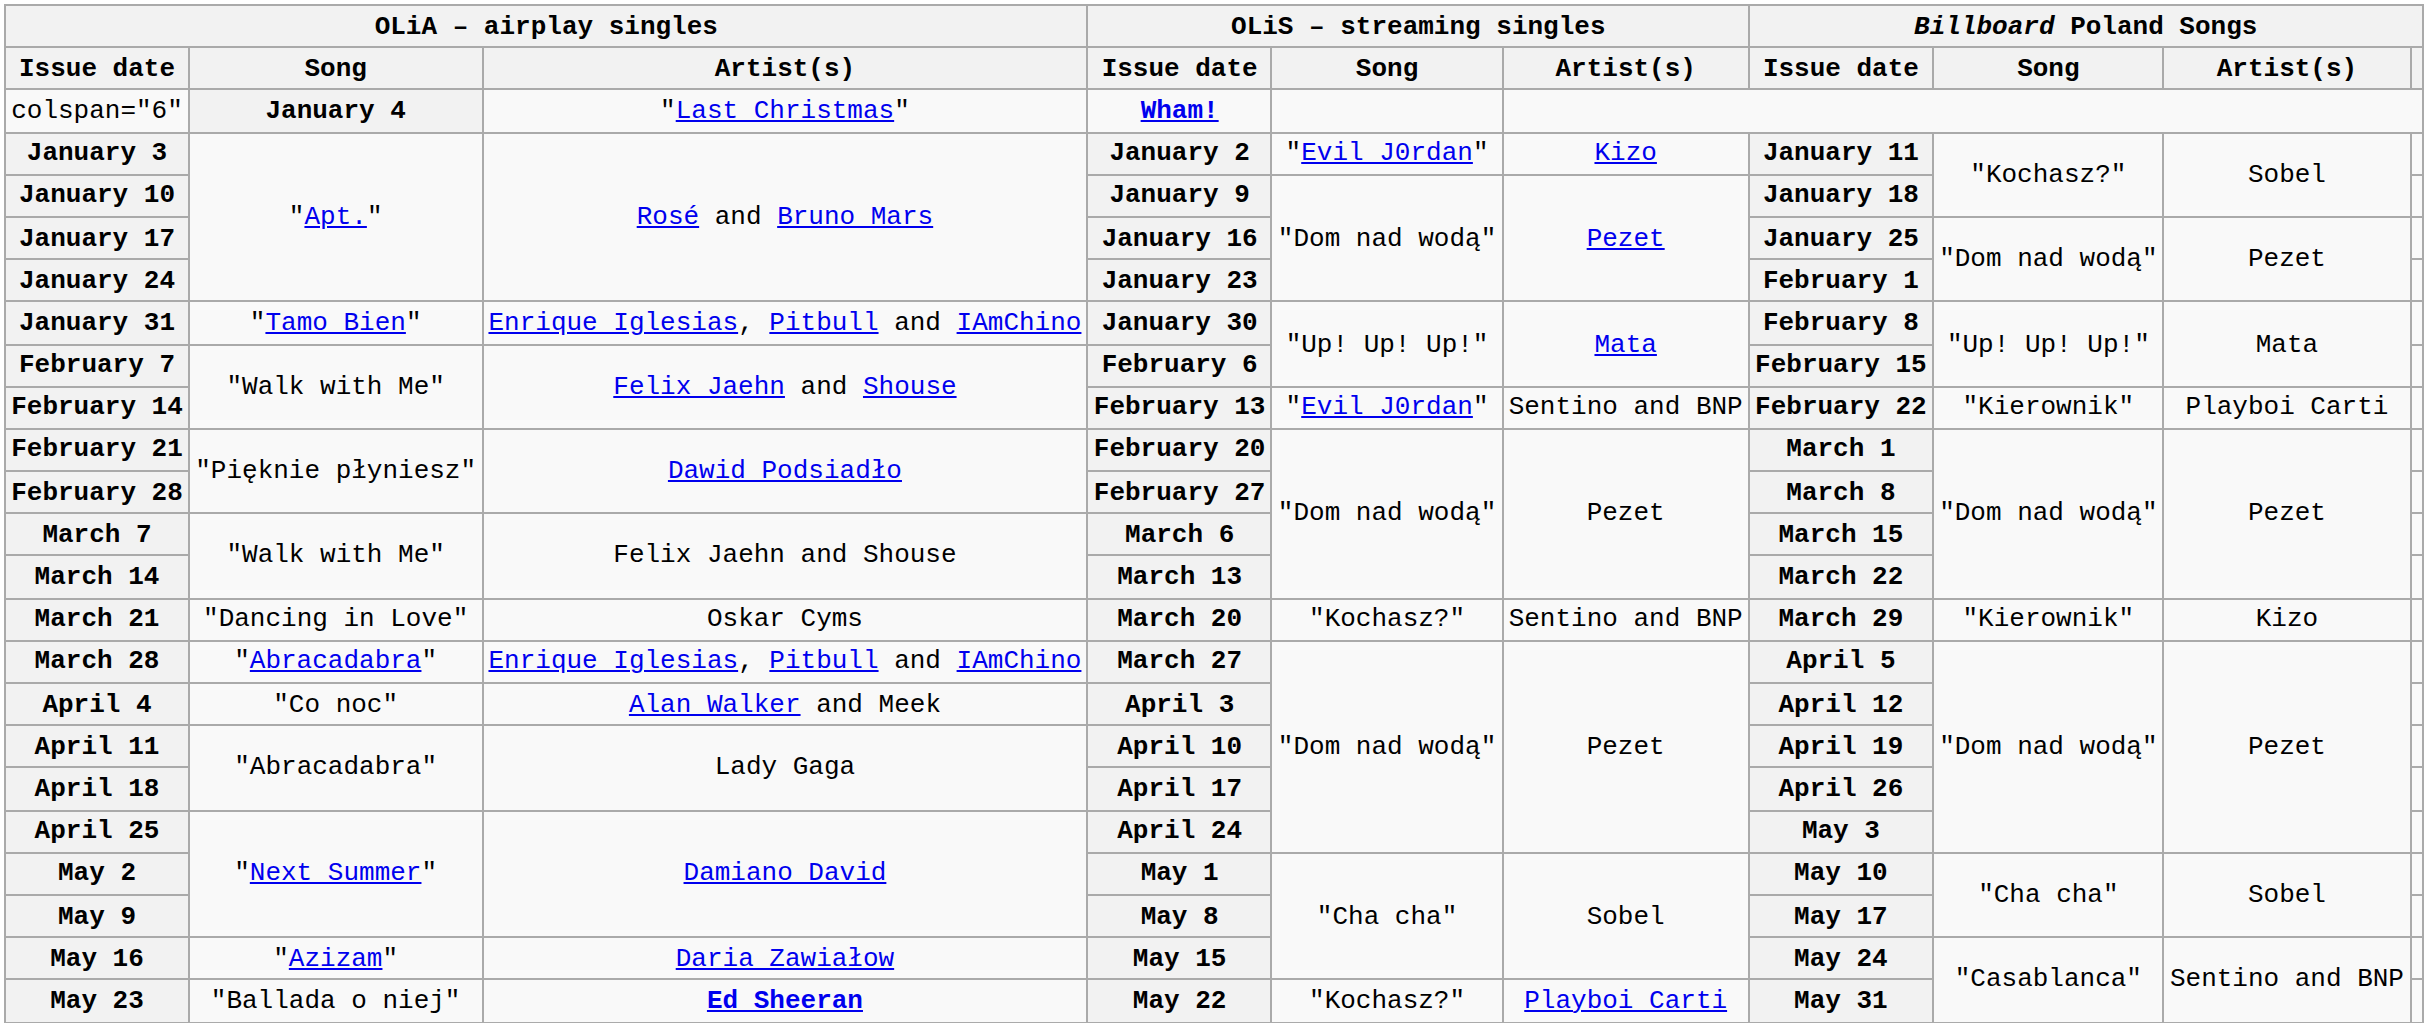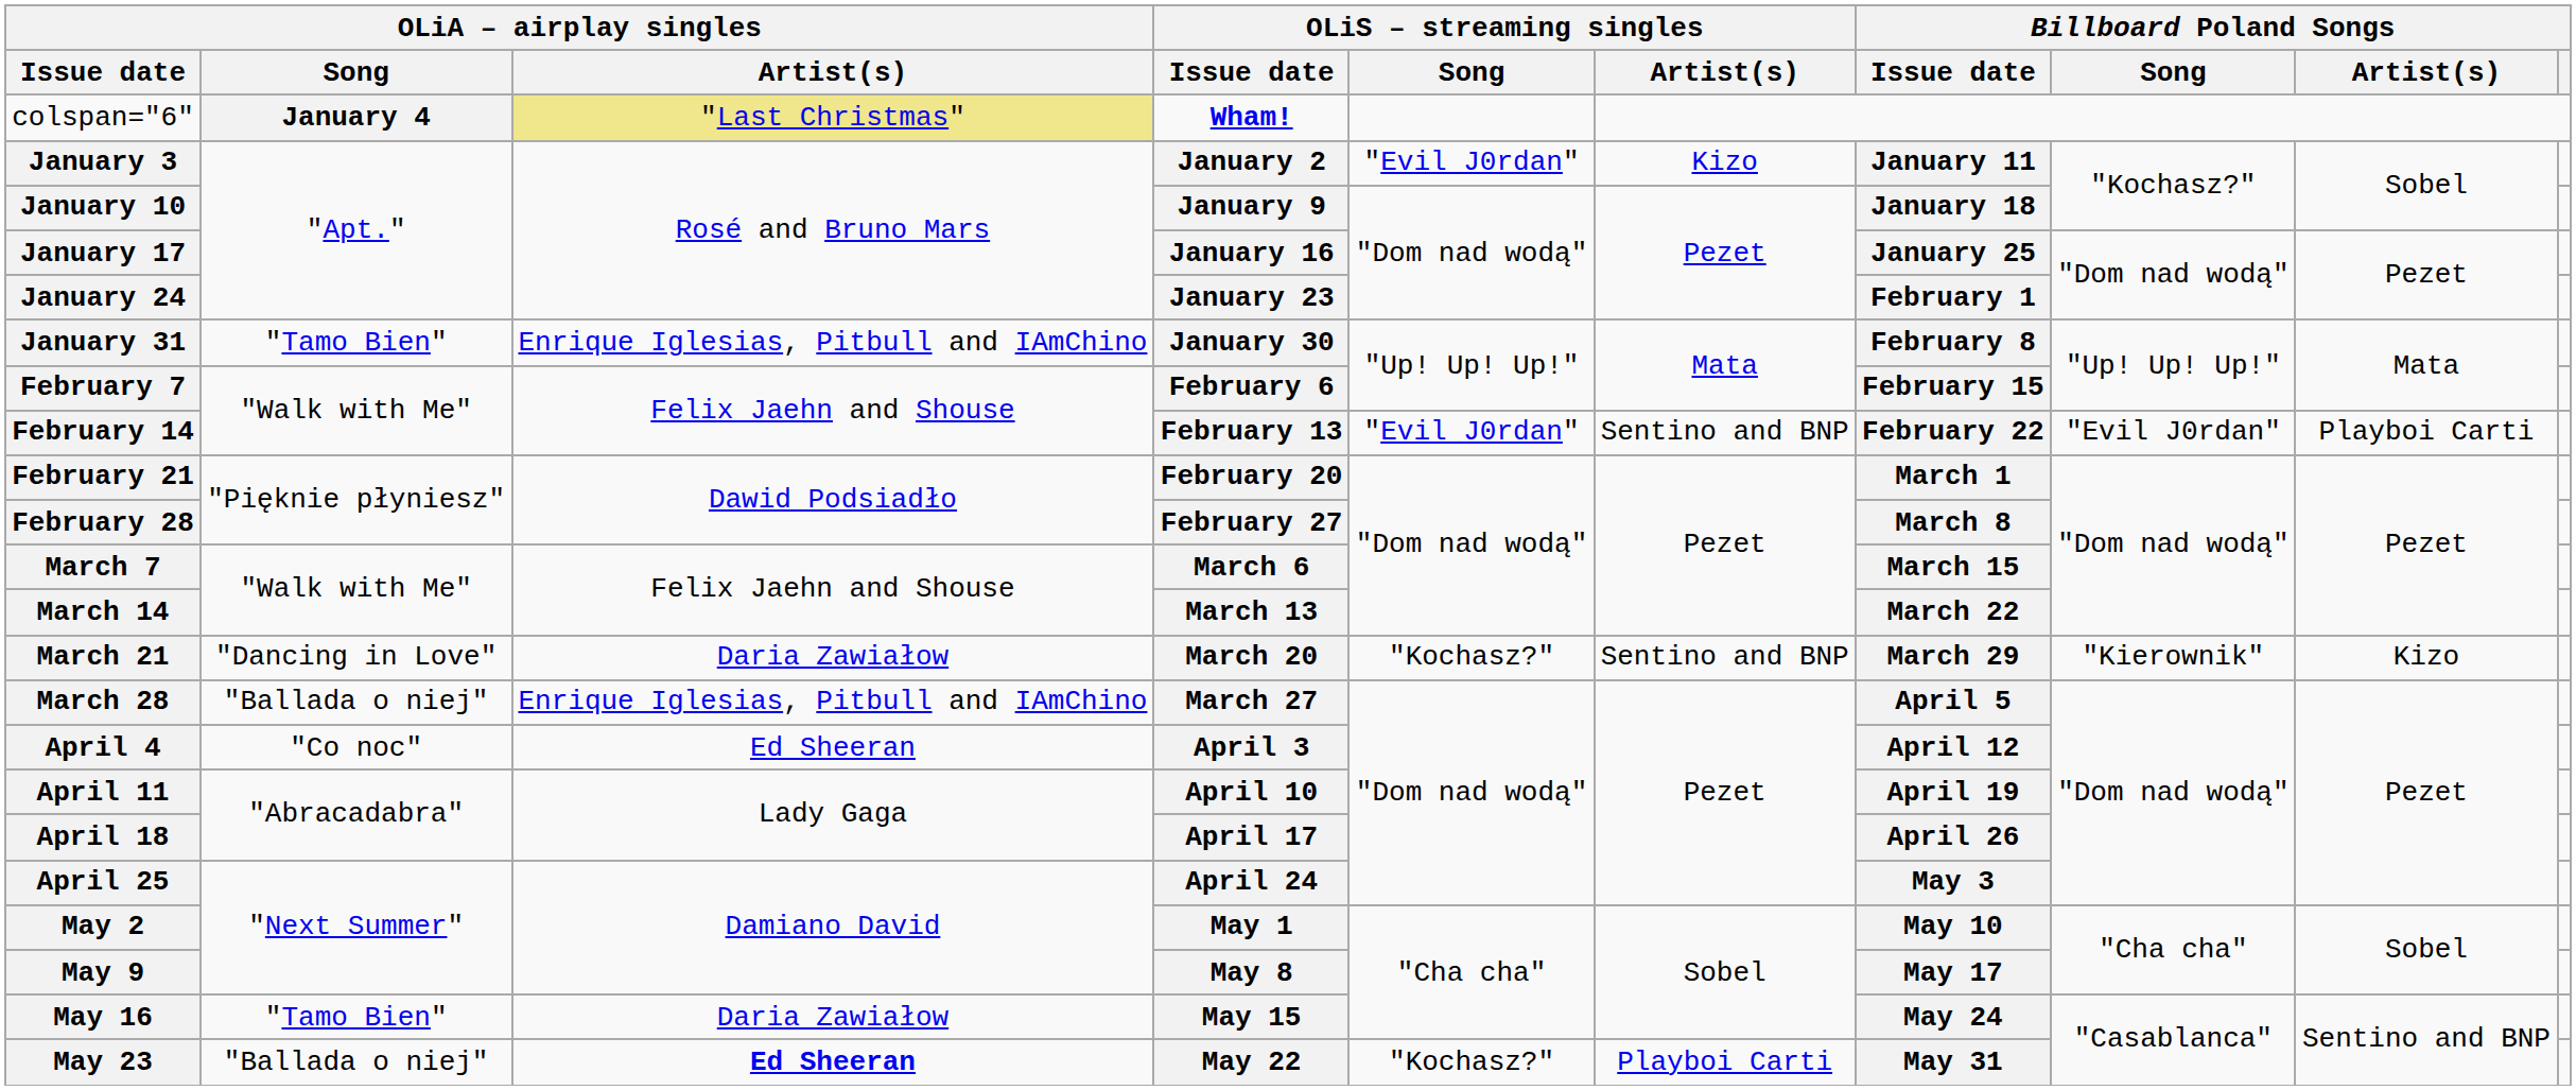 <table class="wikitable plainrowheaders" style="text-align: center">
 <tr>
 <th colspan="3">OLiA – airplay singles</th>
 <th colspan="3">OLiS – streaming singles</th>
 <th colspan="4"><em>Billboard</em> Poland Songs</th>
 </tr>
 <tr>
 <th>Issue date</th>
 <th>Song</th>
 <th>Artist(s)</th>
 <th>Issue date</th>
 <th>Song</th>
 <th>Artist(s)</th>
 <th>Issue date</th>
 <th>Song</th>
 <th>Artist(s)</th>
 <th></th>
 </tr>
 <tr>
 <td>colspan="6" </td>
 <th scope="row">January 4</th>
-<td>"<a href='#'>Last Christmas</a>"</td>
+<td style="background: khaki;">"<a href='#'>Last Christmas</a>"</td>
 <td><strong><a href='#'>Wham!</a></strong></td>
 <td></td>
 </tr>
 <tr>
 <th scope="row">January 3</th>
 <td rowspan="4">"<a href='#'>Apt.</a>"</td>
 <td rowspan="4"><a href='#'>Rosé</a> and <a href='#'>Bruno Mars</a></td>
 <th scope="row">January 2</th>
 <td>"<a href='#'>Evil J0rdan</a>"</td>
 <td><a href='#'>Kizo</a></td>
 <th scope="row">January 11</th>
 <td rowspan="2">"Kochasz?"</td>
 <td rowspan="2">Sobel</td>
 <td></td>
 </tr>
 <tr>
 <th scope="row">January 10</th>
 <th scope="row">January 9</th>
 <td rowspan="3">"Dom nad wodą"</td>
 <td rowspan="3"><a href='#'>Pezet</a></td>
 <th scope="row">January 18</th>
 <td></td>
 </tr>
 <tr>
 <th scope="row">January 17</th>
 <th scope="row">January 16</th>
 <th scope="row">January 25</th>
 <td rowspan="2">"Dom nad wodą"</td>
 <td rowspan="2">Pezet</td>
 <td></td>
 </tr>
 <tr>
 <th scope="row">January 24</th>
 <th scope="row">January 23</th>
 <th scope="row">February 1</th>
 <td></td>
 </tr>
 <tr>
 <th scope="row">January 31</th>
 <td>"<a href='#'>Tamo Bien</a>"</td>
 <td><a href='#'>Enrique Iglesias</a>, <a href='#'>Pitbull</a> and <a href='#'>IAmChino</a></td>
 <th scope="row">January 30</th>
 <td rowspan="2">"Up! Up! Up!"</td>
 <td rowspan="2"><a href='#'>Mata</a></td>
 <th scope="row">February 8</th>
 <td rowspan="2">"Up! Up! Up!"</td>
 <td rowspan="2">Mata</td>
 <td></td>
 </tr>
 <tr>
 <th scope="row">February 7</th>
 <td rowspan="2">"Walk with Me"</td>
 <td rowspan="2"><a href='#'>Felix Jaehn</a> and <a href='#'>Shouse</a></td>
 <th scope="row">February 6</th>
 <th scope="row">February 15</th>
 <td></td>
 </tr>
 <tr>
 <th scope="row">February 14</th>
 <th scope="row">February 13</th>
 <td>"<a href='#'>Evil J0rdan</a>"</td>
 <td>Sentino and BNP</td>
 <th scope="row">February 22</th>
-<td>"Kierownik"</td>
+<td>"Evil J0rdan"</td>
 <td>Playboi Carti</td>
 <td></td>
 </tr>
 <tr>
 <th scope="row">February 21</th>
 <td rowspan="2">"Pięknie płyniesz"</td>
 <td rowspan="2"><a href='#'>Dawid Podsiadło</a></td>
 <th scope="row">February 20</th>
 <td rowspan="4">"Dom nad wodą"</td>
 <td rowspan="4">Pezet</td>
 <th scope="row">March 1</th>
 <td rowspan="4">"Dom nad wodą"</td>
 <td rowspan="4">Pezet</td>
 <td></td>
 </tr>
 <tr>
 <th scope="row">February 28</th>
 <th scope="row">February 27</th>
 <th scope="row">March 8</th>
 <td></td>
 </tr>
 <tr>
 <th scope="row">March 7</th>
 <td rowspan="2">"Walk with Me"</td>
 <td rowspan="2">Felix Jaehn and Shouse</td>
 <th scope="row">March 6</th>
 <th scope="row">March 15</th>
 <td></td>
 </tr>
 <tr>
 <th scope="row">March 14</th>
 <th scope="row">March 13</th>
 <th scope="row">March 22</th>
 <td></td>
 </tr>
 <tr>
 <th scope="row">March 21</th>
 <td>"Dancing in Love"</td>
-<td>Oskar Cyms</td>
+<td><a href='#'>Daria Zawiałow</a></td>
 <th scope="row">March 20</th>
 <td>"Kochasz?"</td>
 <td>Sentino and BNP</td>
 <th scope="row">March 29</th>
 <td>"Kierownik"</td>
 <td>Kizo</td>
 <td></td>
 </tr>
 <tr>
 <th scope="row">March 28</th>
-<td>"<a href='#'>Abracadabra</a>"</td>
+<td>"Ballada o niej"</td>
 <td><a href='#'>Enrique Iglesias</a>, <a href='#'>Pitbull</a> and <a href='#'>IAmChino</a></td>
 <th scope="row">March 27</th>
 <td rowspan="5">"Dom nad wodą"</td>
 <td rowspan="5">Pezet</td>
 <th scope="row">April 5</th>
 <td rowspan="5">"Dom nad wodą"</td>
 <td rowspan="5">Pezet</td>
 <td></td>
 </tr>
 <tr>
 <th scope="row">April 4</th>
 <td>"Co noc"</td>
-<td><a href='#'>Alan Walker</a> and Meek</td>
+<td><a href='#'>Ed Sheeran</a></td>
 <th scope="row">April 3</th>
 <th scope="row">April 12</th>
 <td></td>
 </tr>
 <tr>
 <th scope="row">April 11</th>
 <td rowspan="2">"Abracadabra"</td>
 <td rowspan="2">Lady Gaga</td>
 <th scope="row">April 10</th>
 <th scope="row">April 19</th>
 <td></td>
 </tr>
 <tr>
 <th scope="row">April 18</th>
 <th scope="row">April 17</th>
 <th scope="row">April 26</th>
 <td></td>
 </tr>
 <tr>
 <th scope="row">April 25</th>
 <td rowspan="3">"<a href='#'>Next Summer</a>"</td>
 <td rowspan="3"><a href='#'>Damiano David</a></td>
 <th scope="row">April 24</th>
 <th scope="row">May 3</th>
 <td></td>
 </tr>
 <tr>
 <th scope="row">May 2</th>
 <th scope="row">May 1</th>
 <td rowspan="3">"Cha cha"</td>
 <td rowspan="3">Sobel</td>
 <th scope="row">May 10</th>
 <td rowspan="2">"Cha cha"</td>
 <td rowspan="2">Sobel</td>
 <td></td>
 </tr>
 <tr>
 <th scope="row">May 9</th>
 <th scope="row">May 8</th>
 <th scope="row">May 17</th>
 <td></td>
 </tr>
 <tr>
 <th scope="row">May 16</th>
-<td>"<a href='#'>Azizam</a>"</td>
+<td>"<a href='#'>Tamo Bien</a>"</td>
 <td><a href='#'>Daria Zawiałow</a></td>
 <th scope="row">May 15</th>
 <th scope="row">May 24</th>
 <td rowspan="2">"Casablanca"</td>
 <td rowspan="2">Sentino and BNP</td>
 <td></td>
 </tr>
 <tr>
 <th scope="row">May 23</th>
 <td>"Ballada o niej"</td>
 <td><strong><a href='#'>Ed Sheeran</a></strong></td>
 <th scope="row">May 22</th>
 <td>"Kochasz?"</td>
 <td><a href='#'>Playboi Carti</a></td>
 <th scope="row">May 31</th>
 <td></td>
 </tr>
 </table>
